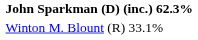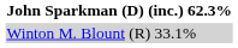 <table>
 <tr>
 <td><strong>John Sparkman (D) (inc.) 62.3%</strong></td>
 </tr>
 <tr>
-<td><a href='#'>Winton M. Blount</a> (R) 33.1%</td>
+<td style="background: lightgrey;"><a href='#'>Winton M. Blount</a> (R) 33.1%</td>
 </tr>
 </table>
